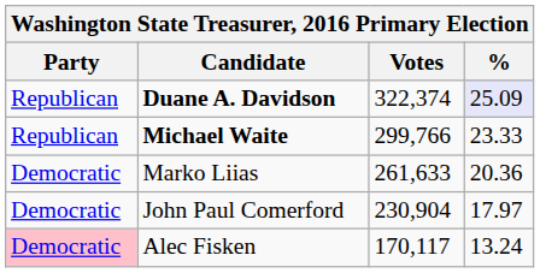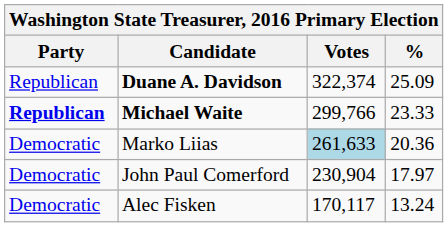 <table class="wikitable">
 <tr>
 <th colspan="4">Washington State Treasurer, 2016 Primary Election</th>
 </tr>
 <tr>
 <th><strong>Party</strong></th>
 <th><strong>Candidate</strong></th>
 <th><strong>Votes</strong></th>
 <th><strong>%</strong></th>
 </tr>
 <tr>
 <td><a href='#'>Republican</a></td>
 <td><strong>Duane A. Davidson</strong></td>
 <td>322,374</td>
-<td style="background: lavender;">25.09</td>
+<td>25.09</td>
 </tr>
 <tr>
-<td><a href='#'>Republican</a></td>
+<td><strong><a href='#'>Republican</a></strong></td>
 <td><strong>Michael Waite</strong></td>
 <td>299,766</td>
 <td>23.33</td>
 </tr>
 <tr>
 <td><a href='#'>Democratic</a></td>
 <td>Marko Liias</td>
-<td>261,633</td>
+<td style="background: lightblue;">261,633</td>
 <td>20.36</td>
 </tr>
 <tr>
 <td><a href='#'>Democratic</a></td>
 <td>John Paul Comerford</td>
 <td>230,904</td>
 <td>17.97</td>
 </tr>
 <tr>
-<td style="background: pink;"><a href='#'>Democratic</a></td>
+<td><a href='#'>Democratic</a></td>
 <td>Alec Fisken</td>
 <td>170,117</td>
 <td>13.24</td>
 </tr>
 </table>
